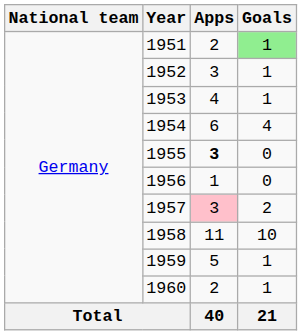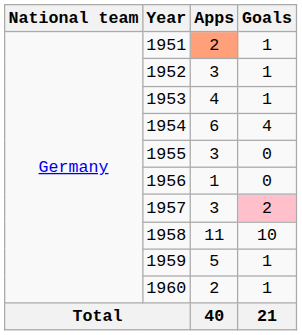 <table class="wikitable" style="text-align:center">
 <tr>
 <th>National team</th>
 <th>Year</th>
 <th>Apps</th>
 <th>Goals</th>
 </tr>
 <tr>
 <td rowspan="10"><a href='#'>Germany</a></td>
 <td>1951</td>
-<td>2</td>
-<td style="background: lightgreen;">1</td>
+<td style="background: lightsalmon;">2</td>
+<td>1</td>
 </tr>
 <tr>
 <td>1952</td>
 <td>3</td>
 <td>1</td>
 </tr>
 <tr>
 <td>1953</td>
 <td>4</td>
 <td>1</td>
 </tr>
 <tr>
 <td>1954</td>
 <td>6</td>
 <td>4</td>
 </tr>
 <tr>
 <td>1955</td>
-<td><strong>3</strong></td>
+<td>3</td>
 <td>0</td>
 </tr>
 <tr>
 <td>1956</td>
 <td>1</td>
 <td>0</td>
 </tr>
 <tr>
 <td>1957</td>
-<td style="background: pink;">3</td>
-<td>2</td>
+<td>3</td>
+<td style="background: pink;">2</td>
 </tr>
 <tr>
 <td>1958</td>
 <td>11</td>
 <td>10</td>
 </tr>
 <tr>
 <td>1959</td>
 <td>5</td>
 <td>1</td>
 </tr>
 <tr>
 <td>1960</td>
 <td>2</td>
 <td>1</td>
 </tr>
 <tr>
 <th colspan="2">Total</th>
 <th>40</th>
 <th>21</th>
 </tr>
 </table>
